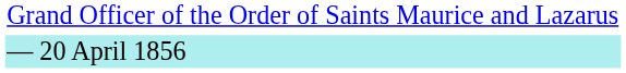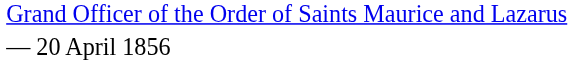 <table>
 <tr>
 <td rowspan=2 style="width:60px; vertical-align:top;"></td>
 <td><a href='#'>Grand Officer of the Order of Saints Maurice and Lazarus</a></td>
 </tr>
 <tr>
-<td style="background: paleturquoise;">— 20 April 1856</td>
+<td>— 20 April 1856</td>
 </tr>
 </table>
